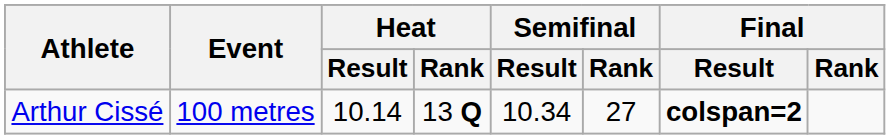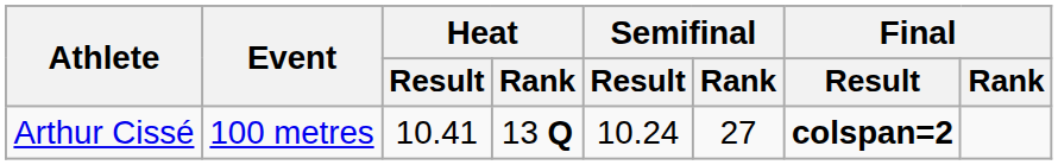 <table class="wikitable" style="font-size:90%">
 <tr>
 <th rowspan="2">Athlete</th>
 <th rowspan="2">Event</th>
 <th colspan="2">Heat</th>
 <th colspan="2">Semifinal</th>
 <th colspan="2">Final</th>
 </tr>
 <tr style="font-size:95%">
 <th>Result</th>
 <th>Rank</th>
 <th>Result</th>
 <th>Rank</th>
 <th>Result</th>
 <th>Rank</th>
 </tr>
 <tr style=text-align:center>
 <td style=text-align:left><a href='#'>Arthur Cissé</a></td>
 <td style=text-align:left><a href='#'>100 metres</a></td>
-<td>10.14</td>
+<td>10.41</td>
 <td>13 <strong>Q</strong></td>
-<td>10.34</td>
+<td>10.24</td>
 <td>27</td>
 <td><strong>colspan=2 </strong></td>
 </tr>
 </table>
